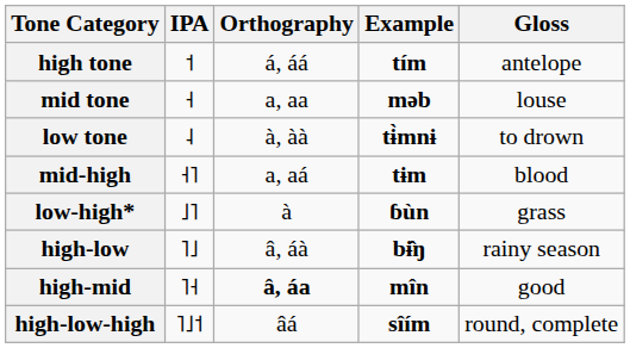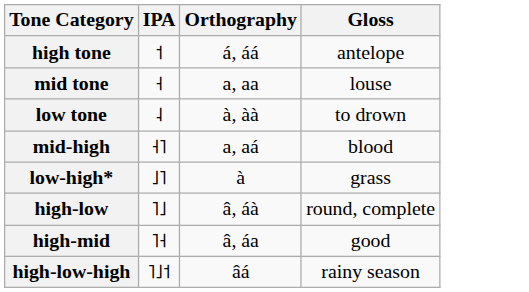 <table class="wikitable" style="text-align:center">
 <tr>
 <th>Tone Category</th>
 <th>IPA</th>
 <th>Orthography</th>
-<th>Example</th>
 <th>Gloss</th>
 </tr>
 <tr>
 <th>high tone</th>
 <td>˦</td>
 <td>á, áá</td>
-<td><strong>tím</strong></td>
 <td>antelope</td>
 </tr>
 <tr>
 <th>mid tone</th>
 <td>˧</td>
 <td>a, aa</td>
-<td><strong>məb</strong></td>
 <td>louse</td>
 </tr>
 <tr>
 <th>low tone</th>
 <td>˨</td>
 <td>à, àà</td>
-<td><strong>tɨ̀mnɨ</strong></td>
 <td>to drown</td>
 </tr>
 <tr>
 <th>mid-high</th>
 <td>˧˥</td>
 <td>a, aá</td>
-<td><strong>tɨm</strong></td>
 <td>blood</td>
 </tr>
 <tr>
 <th>low-high*</th>
 <td>˩˥</td>
 <td>à</td>
-<td><strong>ɓùn</strong></td>
 <td>grass</td>
 </tr>
 <tr>
 <th>high-low</th>
 <td>˥˩</td>
 <td>â, áà</td>
-<td><strong>bɨ̂ŋ</strong></td>
-<td>rainy season</td>
+<td>round, complete</td>
 </tr>
 <tr>
 <th>high-mid</th>
 <td>˥˧</td>
-<td><strong>â, áa</strong></td>
-<td><strong>mîn</strong></td>
+<td>â, áa</td>
 <td>good</td>
 </tr>
 <tr>
 <th>high-low-high</th>
 <td>˥˩˦</td>
 <td>âá</td>
-<td><strong>sîím</strong></td>
-<td>round, complete</td>
+<td>rainy season</td>
 </tr>
 </table>
